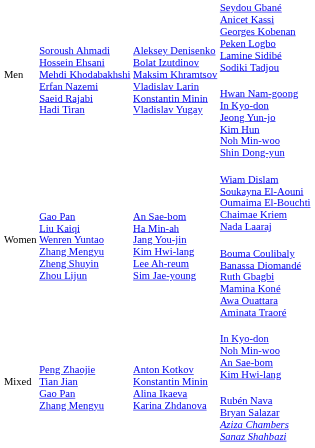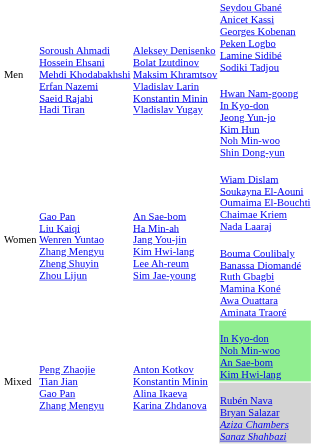 <table>
 <tr>
 <td rowspan=2>Men</td>
 <td rowspan=2><br><a href='#'>Soroush Ahmadi</a><br><a href='#'>Hossein Ehsani</a><br><a href='#'>Mehdi Khodabakhshi</a><br><a href='#'>Erfan Nazemi</a><br><a href='#'>Saeid Rajabi</a><br><a href='#'>Hadi Tiran</a></td>
 <td rowspan=2><br><a href='#'>Aleksey Denisenko</a><br><a href='#'>Bolat Izutdinov</a><br><a href='#'>Maksim Khramtsov</a><br><a href='#'>Vladislav Larin</a><br><a href='#'>Konstantin Minin</a><br><a href='#'>Vladislav Yugay</a></td>
 <td><br><a href='#'>Seydou Gbané</a><br><a href='#'>Anicet Kassi</a><br><a href='#'>Georges Kobenan</a><br><a href='#'>Peken Logbo</a><br><a href='#'>Lamine Sidibé</a><br><a href='#'>Sodiki Tadjou</a></td>
 </tr>
 <tr>
 <td><br><a href='#'>Hwan Nam-goong</a><br><a href='#'>In Kyo-don</a><br><a href='#'>Jeong Yun-jo</a><br><a href='#'>Kim Hun</a><br><a href='#'>Noh Min-woo</a><br><a href='#'>Shin Dong-yun</a></td>
 </tr>
 <tr>
 <td rowspan=2>Women</td>
 <td rowspan=2><br><a href='#'>Gao Pan</a><br><a href='#'>Liu Kaiqi</a><br><a href='#'>Wenren Yuntao</a><br><a href='#'>Zhang Mengyu</a><br><a href='#'>Zheng Shuyin</a><br><a href='#'>Zhou Lijun</a></td>
 <td rowspan=2><br><a href='#'>An Sae-bom</a><br><a href='#'>Ha Min-ah</a><br><a href='#'>Jang You-jin</a><br><a href='#'>Kim Hwi-lang</a><br><a href='#'>Lee Ah-reum</a><br><a href='#'>Sim Jae-young</a></td>
 <td><br><a href='#'>Wiam Dislam</a><br><a href='#'>Soukayna El-Aouni</a><br><a href='#'>Oumaima El-Bouchti</a><br><a href='#'>Chaimae Kriem</a><br><a href='#'>Nada Laaraj</a></td>
 </tr>
 <tr>
 <td><br><a href='#'>Bouma Coulibaly</a><br><a href='#'>Banassa Diomandé</a><br><a href='#'>Ruth Gbagbi</a><br><a href='#'>Mamina Koné</a><br><a href='#'>Awa Ouattara</a><br><a href='#'>Aminata Traoré</a></td>
 </tr>
 <tr>
 <td rowspan=2>Mixed</td>
 <td rowspan=2><br><a href='#'>Peng Zhaojie</a><br><a href='#'>Tian Jian</a><br><a href='#'>Gao Pan</a><br><a href='#'>Zhang Mengyu</a></td>
 <td rowspan=2><br><a href='#'>Anton Kotkov</a><br><a href='#'>Konstantin Minin</a><br><a href='#'>Alina Ikaeva</a><br><a href='#'>Karina Zhdanova</a></td>
-<td><br><a href='#'>In Kyo-don</a><br><a href='#'>Noh Min-woo</a><br><a href='#'>An Sae-bom</a><br><a href='#'>Kim Hwi-lang</a></td>
+<td style="background: lightgreen;"><br><a href='#'>In Kyo-don</a><br><a href='#'>Noh Min-woo</a><br><a href='#'>An Sae-bom</a><br><a href='#'>Kim Hwi-lang</a></td>
 </tr>
 <tr>
-<td><br><a href='#'>Rubén Nava</a><br><a href='#'>Bryan Salazar</a><br><em><a href='#'>Aziza Chambers</a></em><br><em><a href='#'>Sanaz Shahbazi</a></em></td>
+<td style="background: lightgrey;"><br><a href='#'>Rubén Nava</a><br><a href='#'>Bryan Salazar</a><br><em><a href='#'>Aziza Chambers</a></em><br><em><a href='#'>Sanaz Shahbazi</a></em></td>
 </tr>
 </table>
